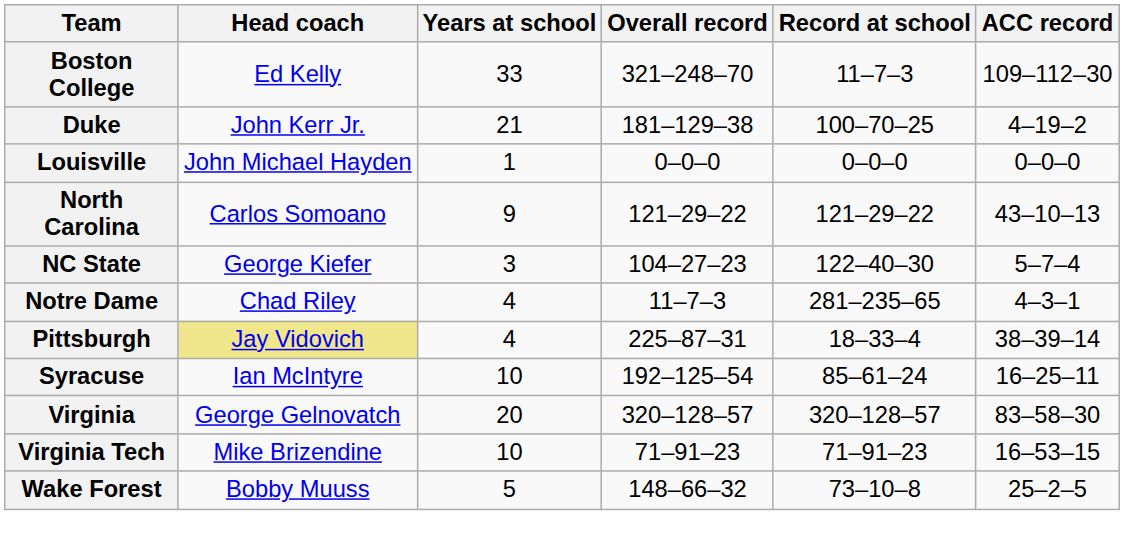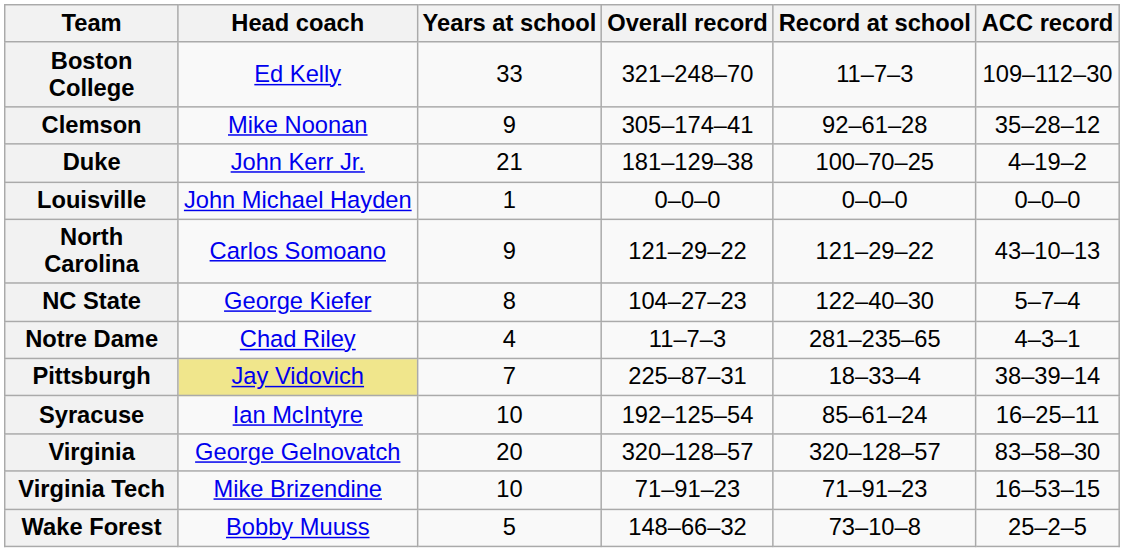 <table class="wikitable sortable" style="text-align: center;">
 <tr>
 <th width="110">Team</th>
 <th>Head coach</th>
 <th>Years at school</th>
 <th>Overall record</th>
 <th>Record at school</th>
 <th>ACC record</th>
 </tr>
 <tr>
 <th>Boston College</th>
 <td><a href='#'>Ed Kelly</a></td>
 <td>33</td>
 <td>321–248–70</td>
 <td>11–7–3</td>
 <td>109–112–30</td>
+</tr>
+<tr>
+<th>Clemson</th>
+<td><a href='#'>Mike Noonan</a></td>
+<td>9</td>
+<td>305–174–41</td>
+<td>92–61–28</td>
+<td>35–28–12</td>
 </tr>
 <tr>
 <th>Duke</th>
 <td><a href='#'>John Kerr Jr.</a></td>
 <td>21</td>
 <td>181–129–38</td>
 <td>100–70–25</td>
 <td>4–19–2</td>
 </tr>
 <tr>
 <th>Louisville</th>
 <td><a href='#'>John Michael Hayden</a></td>
 <td>1</td>
 <td>0–0–0</td>
 <td>0–0–0</td>
 <td>0–0–0</td>
 </tr>
 <tr>
 <th>North Carolina</th>
 <td><a href='#'>Carlos Somoano</a></td>
 <td>9</td>
 <td>121–29–22</td>
 <td>121–29–22</td>
 <td>43–10–13</td>
 </tr>
 <tr>
 <th>NC State</th>
 <td><a href='#'>George Kiefer</a></td>
-<td>3</td>
+<td>8</td>
 <td>104–27–23</td>
 <td>122–40–30</td>
 <td>5–7–4</td>
 </tr>
 <tr>
 <th>Notre Dame</th>
 <td><a href='#'>Chad Riley</a></td>
 <td>4</td>
 <td>11–7–3</td>
 <td>281–235–65</td>
 <td>4–3–1</td>
 </tr>
 <tr>
 <th>Pittsburgh</th>
 <td style="background: khaki;"><a href='#'>Jay Vidovich</a></td>
-<td>4</td>
+<td>7</td>
 <td>225–87–31</td>
 <td>18–33–4</td>
 <td>38–39–14</td>
 </tr>
 <tr>
 <th>Syracuse</th>
 <td><a href='#'>Ian McIntyre</a></td>
 <td>10</td>
 <td>192–125–54</td>
 <td>85–61–24</td>
 <td>16–25–11</td>
 </tr>
 <tr>
 <th>Virginia</th>
 <td><a href='#'>George Gelnovatch</a></td>
 <td>20</td>
 <td>320–128–57</td>
 <td>320–128–57</td>
 <td>83–58–30</td>
 </tr>
 <tr>
 <th>Virginia Tech</th>
 <td><a href='#'>Mike Brizendine</a></td>
 <td>10</td>
 <td>71–91–23</td>
 <td>71–91–23</td>
 <td>16–53–15</td>
 </tr>
 <tr>
 <th>Wake Forest</th>
 <td><a href='#'>Bobby Muuss</a></td>
 <td>5</td>
 <td>148–66–32</td>
 <td>73–10–8</td>
 <td>25–2–5</td>
 </tr>
 </table>
